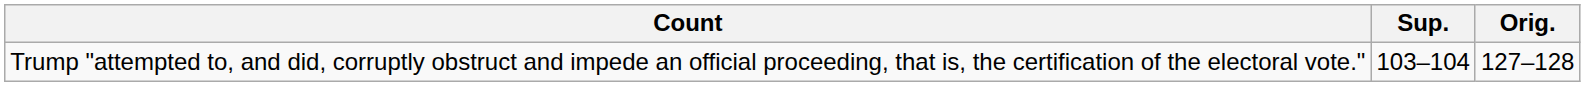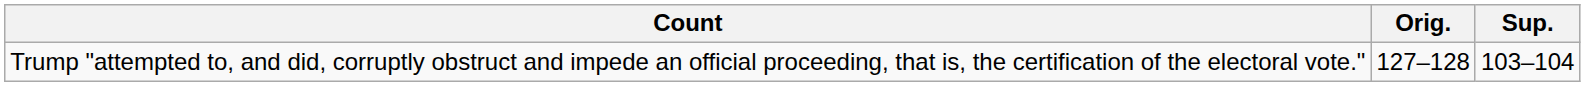 <table class="wikitable">
 <tr>
 <th>Count</th>
+<th>Orig.</th>
 <th>Sup.</th>
-<th>Orig.</th>
 </tr>
 <tr>
 <td>Trump "attempted to, and did, corruptly obstruct and impede an official proceeding, that is, the certification of the electoral vote."</td>
+<td>127–128</td>
 <td>103–104</td>
-<td>127–128</td>
 </tr>
 </table>
